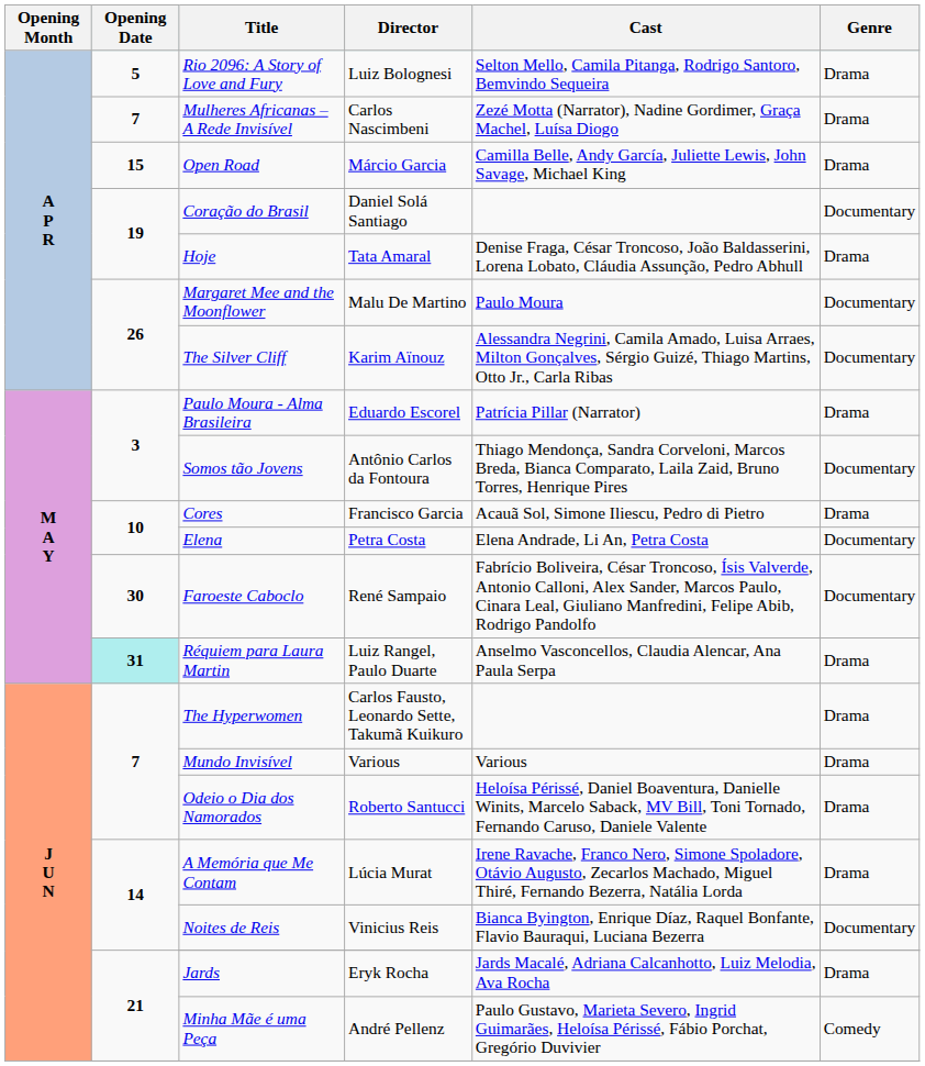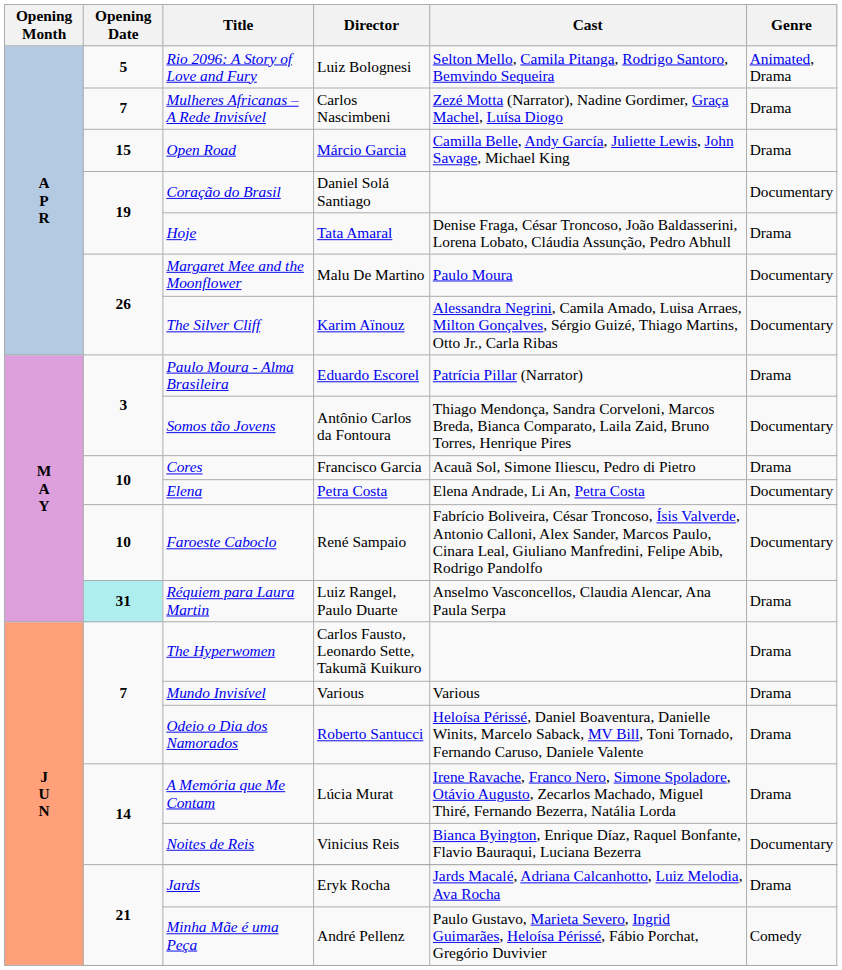 <table class="wikitable sortable">
 <tr style="background:#b0e0e6; text-align:center;">
 <th style="width:10%;"><strong>Opening Month</strong></th>
 <th style="width:10%;"><strong>Opening Date</strong></th>
 <th style="width:20%;"><strong>Title</strong></th>
 <th style="width:15%;"><strong>Director</strong></th>
 <th style="width:55%;"><strong>Cast</strong></th>
 <th style="width:5%;"><strong>Genre</strong></th>
 </tr>
 <tr>
 <td rowspan="7" style="text-align:center; background:#b4cae3;"><strong>A<br>P<br>R</strong></td>
 <td rowspan="1" style="text-align:center;"><strong>5</strong></td>
 <td><em><a href='#'>Rio 2096: A Story of Love and Fury</a></em></td>
 <td>Luiz Bolognesi</td>
 <td><a href='#'>Selton Mello</a>, <a href='#'>Camila Pitanga</a>, <a href='#'>Rodrigo Santoro</a>, <a href='#'>Bemvindo Sequeira</a></td>
-<td>Drama</td>
+<td><a href='#'>Animated</a>, Drama</td>
 </tr>
 <tr>
 <td rowspan="1" style="text-align:center;"><strong>7</strong></td>
 <td><em><a href='#'>Mulheres Africanas – A Rede Invisível</a></em></td>
 <td>Carlos Nascimbeni</td>
 <td><a href='#'>Zezé Motta</a> (Narrator), Nadine Gordimer, <a href='#'>Graça Machel</a>, <a href='#'>Luísa Diogo</a></td>
 <td>Drama</td>
 </tr>
 <tr>
 <td rowspan="1" style="text-align:center;"><strong>15</strong></td>
 <td><em><a href='#'>Open Road</a></em></td>
 <td><a href='#'>Márcio Garcia</a></td>
 <td><a href='#'>Camilla Belle</a>, <a href='#'>Andy García</a>, <a href='#'>Juliette Lewis</a>, <a href='#'>John Savage</a>, Michael King</td>
 <td>Drama</td>
 </tr>
 <tr>
 <td rowspan="2" style="text-align:center;"><strong>19</strong></td>
 <td><em><a href='#'>Coração do Brasil</a></em></td>
 <td>Daniel Solá Santiago</td>
 <td></td>
 <td>Documentary</td>
 </tr>
 <tr>
 <td><em><a href='#'>Hoje</a></em></td>
 <td><a href='#'>Tata Amaral</a></td>
 <td>Denise Fraga, César Troncoso, João Baldasserini, Lorena Lobato, Cláudia Assunção, Pedro Abhull</td>
 <td>Drama</td>
 </tr>
 <tr>
 <td rowspan="2" style="text-align:center;"><strong>26</strong></td>
 <td><em><a href='#'>Margaret Mee and the Moonflower</a></em></td>
 <td>Malu De Martino</td>
 <td><a href='#'>Paulo Moura</a></td>
 <td>Documentary</td>
 </tr>
 <tr>
 <td><em><a href='#'>The Silver Cliff</a></em></td>
 <td><a href='#'>Karim Aïnouz</a></td>
 <td><a href='#'>Alessandra Negrini</a>, Camila Amado, Luisa Arraes, <a href='#'>Milton Gonçalves</a>, Sérgio Guizé, Thiago Martins, Otto Jr., Carla Ribas</td>
 <td>Documentary</td>
 </tr>
 <tr>
 <td rowspan="6" style="text-align:center; background:plum; textcolor:#000;"><strong>M<br>A<br>Y</strong></td>
 <td rowspan="2" style="text-align:center;"><strong>3</strong></td>
 <td><em><a href='#'>Paulo Moura - Alma Brasileira</a></em></td>
 <td><a href='#'>Eduardo Escorel</a></td>
 <td><a href='#'>Patrícia Pillar</a> (Narrator)</td>
 <td>Drama</td>
 </tr>
 <tr>
 <td><em><a href='#'>Somos tão Jovens</a></em></td>
 <td>Antônio Carlos da Fontoura</td>
 <td>Thiago Mendonça, Sandra Corveloni, Marcos Breda, Bianca Comparato, Laila Zaid, Bruno Torres, Henrique Pires</td>
 <td>Documentary</td>
 </tr>
 <tr>
 <td rowspan="2" style="text-align:center;"><strong>10</strong></td>
 <td><em><a href='#'>Cores</a></em></td>
 <td>Francisco Garcia</td>
 <td>Acauã Sol, Simone Iliescu, Pedro di Pietro</td>
 <td>Drama</td>
 </tr>
 <tr>
 <td><em><a href='#'>Elena</a></em></td>
 <td><a href='#'>Petra Costa</a></td>
 <td>Elena Andrade, Li An, <a href='#'>Petra Costa</a></td>
 <td>Documentary</td>
 </tr>
 <tr>
-<td rowspan="1" style="text-align:center;"><strong>30</strong></td>
+<td rowspan="1" style="text-align:center;"><strong>10</strong></td>
 <td><em><a href='#'>Faroeste Caboclo</a></em></td>
 <td>René Sampaio</td>
 <td>Fabrício Boliveira, César Troncoso, <a href='#'>Ísis Valverde</a>, Antonio Calloni, Alex Sander, Marcos Paulo, Cinara Leal, Giuliano Manfredini, Felipe Abib, Rodrigo Pandolfo</td>
 <td>Documentary</td>
 </tr>
 <tr>
 <td rowspan="1" style="background: paleturquoise; text-align:center;"><strong>31</strong></td>
 <td><em><a href='#'>Réquiem para Laura Martin</a></em></td>
 <td>Luiz Rangel, Paulo Duarte</td>
 <td>Anselmo Vasconcellos, Claudia Alencar, Ana Paula Serpa</td>
 <td>Drama</td>
 </tr>
 <tr>
 <td rowspan="9" style="text-align:center; background:#ffa07a; textcolor:#000;"><strong>J<br>U<br>N</strong></td>
 <td rowspan="3" style="text-align:center;"><strong>7</strong></td>
 <td><em><a href='#'>The Hyperwomen</a></em></td>
 <td>Carlos Fausto, Leonardo Sette, Takumã Kuikuro</td>
 <td></td>
 <td>Drama</td>
 </tr>
 <tr>
 <td><em><a href='#'>Mundo Invisível</a></em></td>
 <td>Various</td>
 <td>Various</td>
 <td>Drama</td>
 </tr>
 <tr>
 <td><em><a href='#'>Odeio o Dia dos Namorados</a></em></td>
 <td><a href='#'>Roberto Santucci</a></td>
 <td><a href='#'>Heloísa Périssé</a>, Daniel Boaventura, Danielle Winits, Marcelo Saback, <a href='#'>MV Bill</a>, Toni Tornado, Fernando Caruso, Daniele Valente</td>
 <td>Drama</td>
 </tr>
 <tr>
 <td rowspan="2" style="text-align:center;"><strong>14</strong></td>
 <td><em><a href='#'>A Memória que Me Contam</a></em></td>
 <td>Lúcia Murat</td>
 <td><a href='#'>Irene Ravache</a>, <a href='#'>Franco Nero</a>, <a href='#'>Simone Spoladore</a>, <a href='#'>Otávio Augusto</a>, Zecarlos Machado, Miguel Thiré, Fernando Bezerra, Natália Lorda</td>
 <td>Drama</td>
 </tr>
 <tr>
 <td><em><a href='#'>Noites de Reis</a></em></td>
 <td>Vinicius Reis</td>
 <td><a href='#'>Bianca Byington</a>, Enrique Díaz, Raquel Bonfante, Flavio Bauraqui, Luciana Bezerra</td>
 <td>Documentary</td>
 </tr>
 <tr>
 <td rowspan="3" style="text-align:center;"><strong>21</strong></td>
 </tr>
 <tr>
 <td><em><a href='#'>Jards</a></em></td>
 <td>Eryk Rocha</td>
 <td><a href='#'>Jards Macalé</a>, <a href='#'>Adriana Calcanhotto</a>, <a href='#'>Luiz Melodia</a>, <a href='#'>Ava Rocha</a></td>
 <td>Drama</td>
 </tr>
 <tr>
 <td><em><a href='#'>Minha Mãe é uma Peça</a></em></td>
 <td>André Pellenz</td>
 <td>Paulo Gustavo, <a href='#'>Marieta Severo</a>, <a href='#'>Ingrid Guimarães</a>, <a href='#'>Heloísa Périssé</a>, Fábio Porchat, Gregório Duvivier</td>
 <td>Comedy</td>
 </tr>
 <tr>
 </tr>
 </table>
